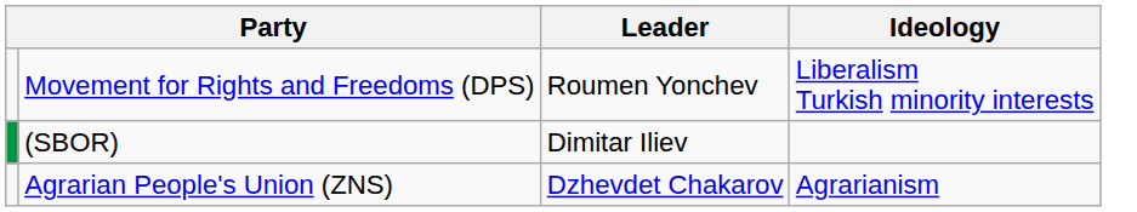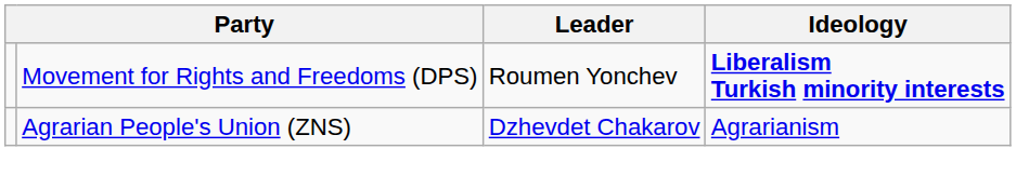 <table class="wikitable" style="font-size:95%; white-space: nowrap">
 <tr>
 <th style="width:200px" colspan="2">Party</th>
 <th style="width:100px">Leader</th>
 <th style="width:120px">Ideology</th>
 </tr>
 <tr>
 <td style="background:"></td>
 <td><a href='#'>Movement for Rights and Freedoms</a> (DPS)</td>
 <td>Roumen Yonchev</td>
-<td><a href='#'>Liberalism</a><br><a href='#'>Turkish</a> <a href='#'>minority interests</a></td>
-</tr>
-<tr>
-<td style="background:#00963f;"></td>
-<td> (SBOR)</td>
-<td>Dimitar Iliev</td>
-<td></td>
+<td><strong><a href='#'>Liberalism</a><br><a href='#'>Turkish</a> <a href='#'>minority interests</a></strong></td>
 </tr>
 <tr>
 <td style="background:"></td>
 <td><a href='#'>Agrarian People's Union</a> (ZNS)</td>
 <td><a href='#'>Dzhevdet Chakarov</a></td>
 <td><a href='#'>Agrarianism</a></td>
 </tr>
 </table>
